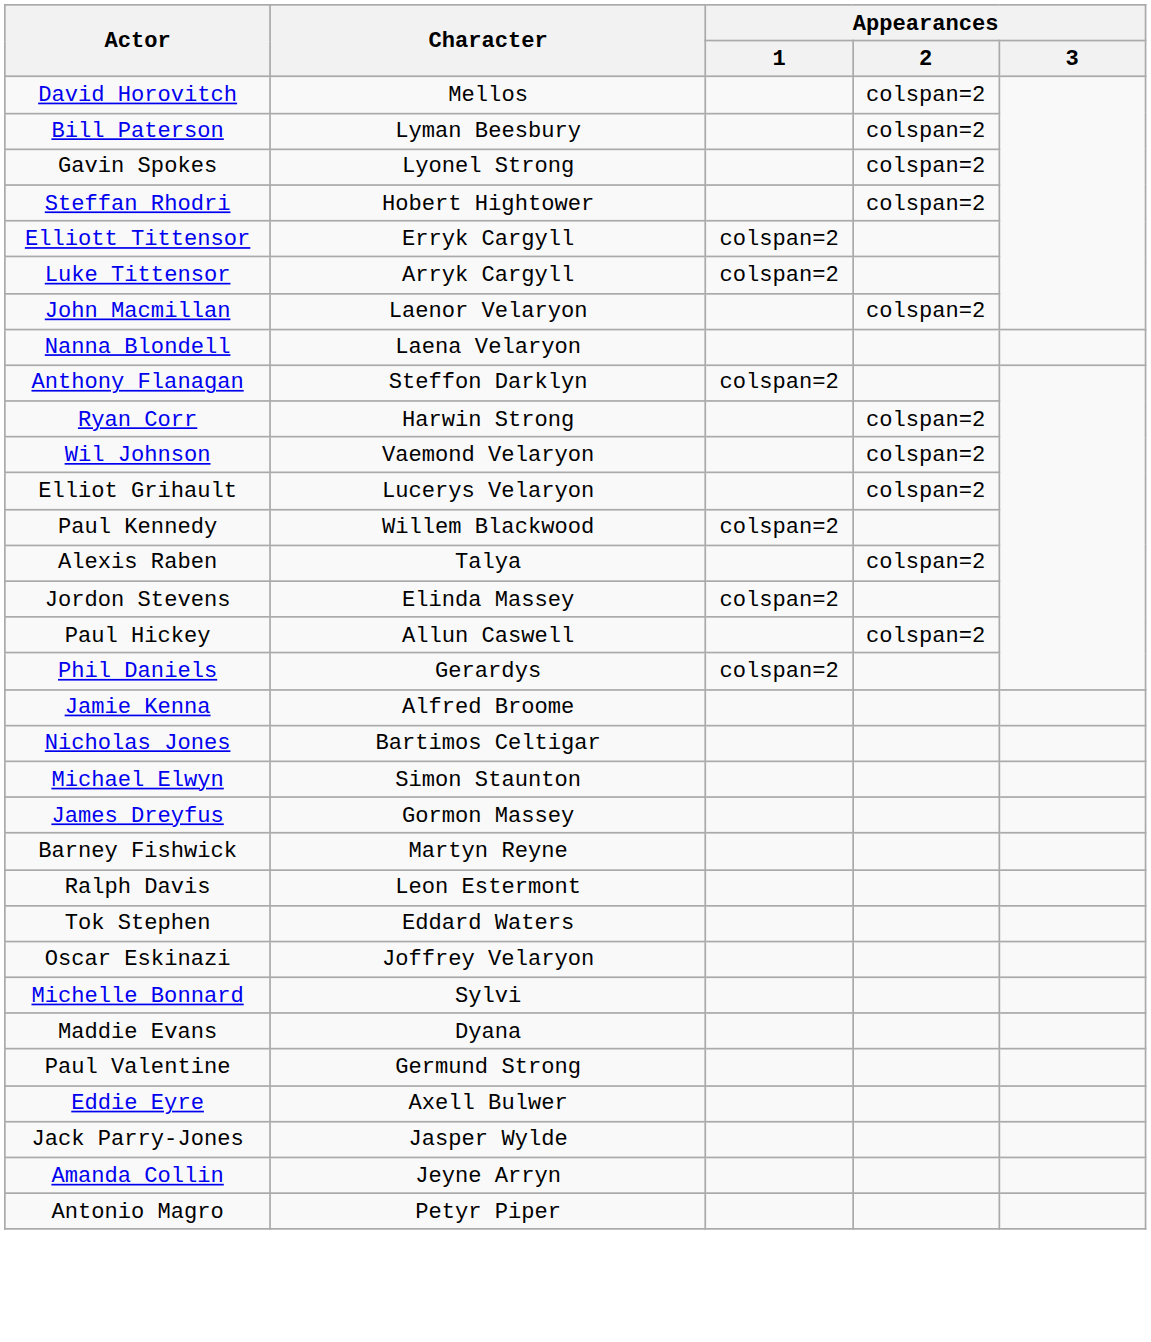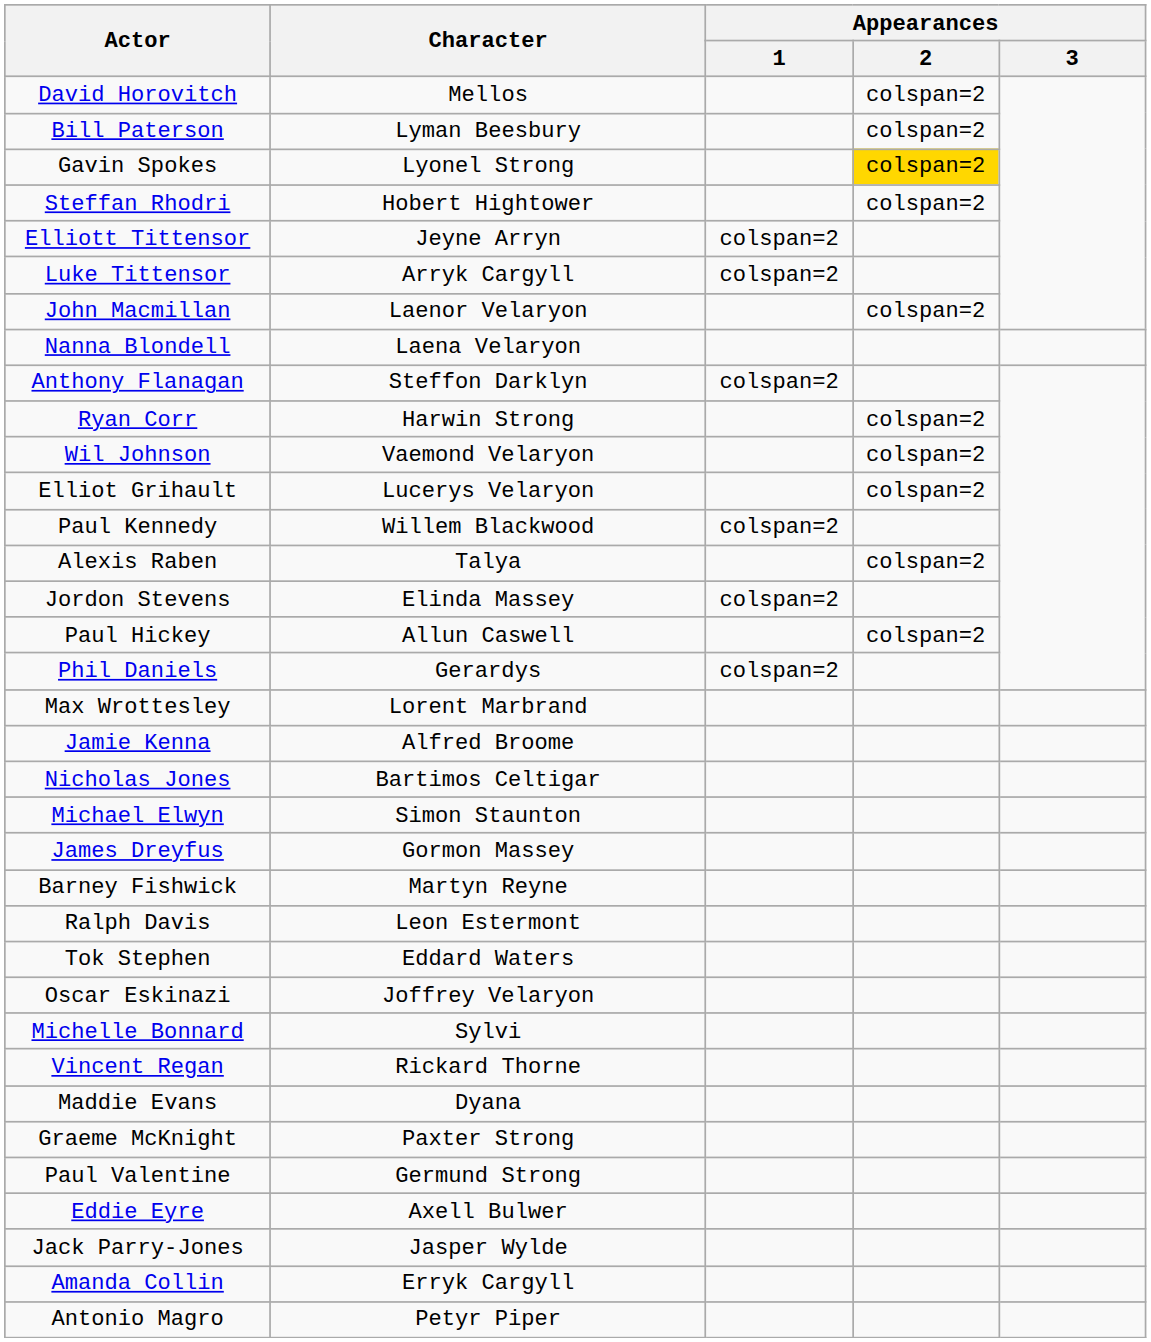 <table class="wikitable" style="text-align:center;">
 <tr>
 <th rowspan=2 style="width:150px;">Actor</th>
 <th rowspan=2 style="width:250px;">Character</th>
 <th colspan=3>Appearances</th>
 </tr>
 <tr>
 <th style="width:80px;">1</th>
 <th style="width:80px;">2</th>
 <th style="width:80px;">3</th>
 </tr>
 <tr>
 <td><a href='#'>David Horovitch</a></td>
 <td>Mellos</td>
 <td></td>
 <td>colspan=2 </td>
 </tr>
 <tr>
 <td><a href='#'>Bill Paterson</a></td>
 <td>Lyman Beesbury</td>
 <td></td>
 <td>colspan=2 </td>
 </tr>
 <tr>
 <td>Gavin Spokes</td>
 <td>Lyonel Strong</td>
 <td></td>
-<td>colspan=2 </td>
+<td style="background: gold;">colspan=2 </td>
 </tr>
 <tr>
 <td><a href='#'>Steffan Rhodri</a></td>
 <td>Hobert Hightower</td>
 <td></td>
 <td>colspan=2 </td>
 </tr>
 <tr>
 <td><a href='#'>Elliott Tittensor</a></td>
-<td>Erryk Cargyll</td>
+<td>Jeyne Arryn</td>
 <td>colspan=2 </td>
 <td></td>
 </tr>
 <tr>
 <td><a href='#'>Luke Tittensor</a></td>
 <td>Arryk Cargyll</td>
 <td>colspan=2 </td>
 <td></td>
 </tr>
 <tr>
 <td><a href='#'>John Macmillan</a></td>
 <td>Laenor Velaryon</td>
 <td></td>
 <td>colspan=2 </td>
 </tr>
 <tr>
 <td><a href='#'>Nanna Blondell</a></td>
 <td>Laena Velaryon</td>
 <td></td>
 <td></td>
 <td></td>
 </tr>
 <tr>
 <td><a href='#'>Anthony Flanagan</a></td>
 <td>Steffon Darklyn</td>
 <td>colspan=2 </td>
 <td></td>
 </tr>
 <tr>
 <td><a href='#'>Ryan Corr</a></td>
 <td>Harwin Strong</td>
 <td></td>
 <td>colspan=2 </td>
 </tr>
 <tr>
 <td><a href='#'>Wil Johnson</a></td>
 <td>Vaemond Velaryon</td>
 <td></td>
 <td>colspan=2 </td>
 </tr>
 <tr>
 <td>Elliot Grihault</td>
 <td>Lucerys Velaryon</td>
 <td></td>
 <td>colspan=2 </td>
 </tr>
 <tr>
 <td>Paul Kennedy</td>
 <td>Willem Blackwood</td>
 <td>colspan=2 </td>
 <td></td>
 </tr>
 <tr>
 <td>Alexis Raben</td>
 <td>Talya</td>
 <td></td>
 <td>colspan=2 </td>
 </tr>
 <tr>
 <td>Jordon Stevens</td>
 <td>Elinda Massey</td>
 <td>colspan=2 </td>
 <td></td>
 </tr>
 <tr>
 <td>Paul Hickey</td>
 <td>Allun Caswell</td>
 <td></td>
 <td>colspan=2 </td>
 </tr>
 <tr>
 <td><a href='#'>Phil Daniels</a></td>
 <td>Gerardys</td>
 <td>colspan=2 </td>
 <td></td>
 </tr>
 <tr>
+<td>Max Wrottesley</td>
+<td>Lorent Marbrand</td>
+<td></td>
+<td></td>
+<td></td>
+</tr>
+<tr>
 <td><a href='#'>Jamie Kenna</a></td>
 <td>Alfred Broome</td>
 <td></td>
 <td></td>
 <td></td>
 </tr>
 <tr>
 <td><a href='#'>Nicholas Jones</a></td>
 <td>Bartimos Celtigar</td>
 <td></td>
 <td></td>
 <td></td>
 </tr>
 <tr>
 <td><a href='#'>Michael Elwyn</a></td>
 <td>Simon Staunton</td>
 <td></td>
 <td></td>
 <td></td>
 </tr>
 <tr>
 <td><a href='#'>James Dreyfus</a></td>
 <td>Gormon Massey</td>
 <td></td>
 <td></td>
 <td></td>
 </tr>
 <tr>
 <td>Barney Fishwick</td>
 <td>Martyn Reyne</td>
 <td></td>
 <td></td>
 <td></td>
 </tr>
 <tr>
 <td>Ralph Davis</td>
 <td>Leon Estermont</td>
 <td></td>
 <td></td>
 <td></td>
 </tr>
 <tr>
 <td>Tok Stephen</td>
 <td>Eddard Waters</td>
 <td></td>
 <td></td>
 <td></td>
 </tr>
 <tr>
 <td>Oscar Eskinazi</td>
 <td>Joffrey Velaryon</td>
 <td></td>
 <td></td>
 <td></td>
 </tr>
 <tr>
 <td><a href='#'>Michelle Bonnard</a></td>
 <td>Sylvi</td>
 <td></td>
 <td></td>
 <td></td>
 </tr>
 <tr>
+<td><a href='#'>Vincent Regan</a></td>
+<td>Rickard Thorne</td>
+<td></td>
+<td></td>
+<td></td>
+</tr>
+<tr>
 <td>Maddie Evans</td>
 <td>Dyana</td>
+<td></td>
+<td></td>
+<td></td>
+</tr>
+<tr>
+<td>Graeme McKnight</td>
+<td>Paxter Strong</td>
 <td></td>
 <td></td>
 <td></td>
 </tr>
 <tr>
 <td>Paul Valentine</td>
 <td>Germund Strong</td>
 <td></td>
 <td></td>
 <td></td>
 </tr>
 <tr>
 <td><a href='#'>Eddie Eyre</a></td>
 <td>Axell Bulwer</td>
 <td></td>
 <td></td>
 <td></td>
 </tr>
 <tr>
 <td>Jack Parry-Jones</td>
 <td>Jasper Wylde</td>
 <td></td>
 <td></td>
 <td></td>
 </tr>
 <tr>
 <td><a href='#'>Amanda Collin</a></td>
-<td>Jeyne Arryn</td>
+<td>Erryk Cargyll</td>
 <td></td>
 <td></td>
 <td></td>
 </tr>
 <tr>
 <td>Antonio Magro</td>
 <td>Petyr Piper</td>
 <td></td>
 <td></td>
 <td></td>
 </tr>
 </table>
